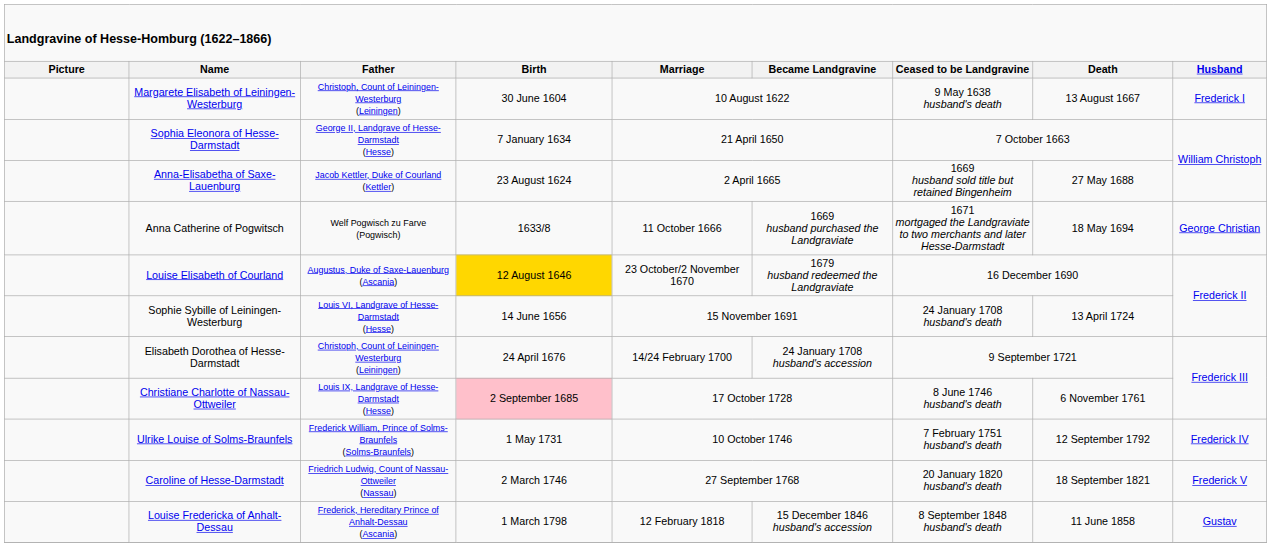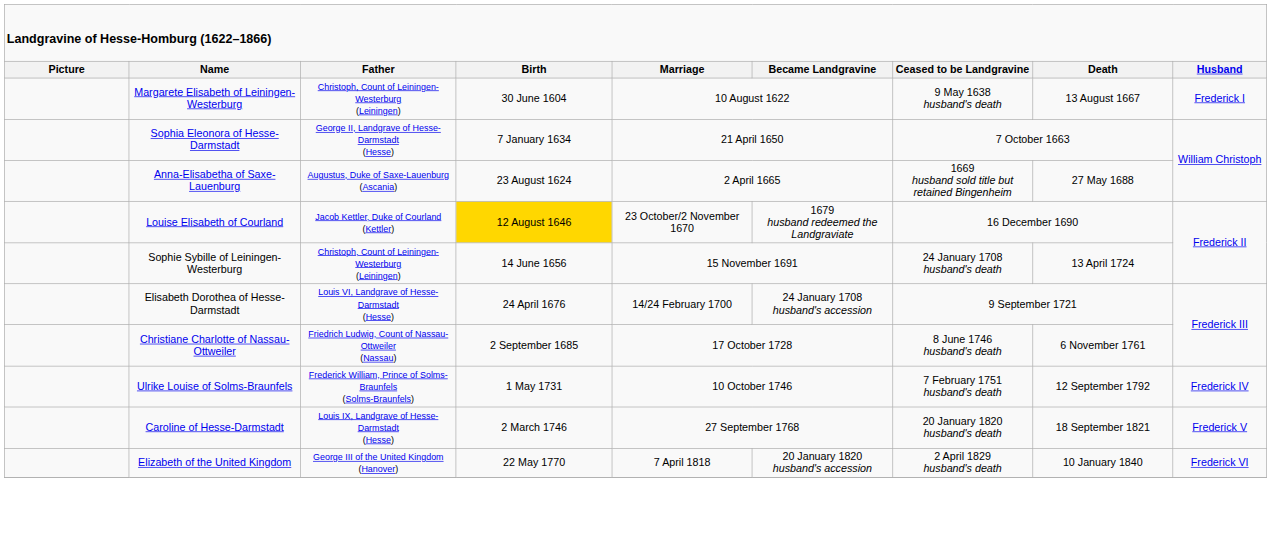 <table width=95% class="wikitable">
 <tr>
 <td colspan="9"><br><h3>Landgravine of Hesse-Homburg (1622–1866)</h3></td>
 </tr>
 <tr>
 <th width = "8%">Picture</th>
 <th width = "11%">Name</th>
 <th width = "10%">Father</th>
 <th width = "10%">Birth</th>
 <th width = "9%">Marriage</th>
 <th width = "9%">Became Landgravine</th>
 <th width = "9%">Ceased to be Landgravine</th>
 <th width = "9%">Death</th>
 <th width = "6%"><a href='#'>Husband</a></th>
 </tr>
 <tr>
 <td align="center"></td>
 <td align="center"><a href='#'>Margarete Elisabeth of Leiningen-Westerburg</a></td>
 <td align="center"><small><a href='#'>Christoph, Count of Leiningen-Westerburg</a><br>(<a href='#'>Leiningen</a>)</small></td>
 <td align="center">30 June 1604</td>
 <td align="center" colspan="2">10 August 1622</td>
 <td align="center">9 May 1638<br><em>husband's death</em></td>
 <td align="center">13 August 1667</td>
 <td align="center"><a href='#'>Frederick I</a></td>
 </tr>
 <tr>
 <td align="center"></td>
 <td align="center"><a href='#'>Sophia Eleonora of Hesse-Darmstadt</a></td>
 <td align="center"><small><a href='#'>George II, Landgrave of Hesse-Darmstadt</a><br> (<a href='#'>Hesse</a>)</small></td>
 <td align="center">7 January 1634</td>
 <td align="center" colspan="2">21 April 1650</td>
 <td align="center" colspan="2">7 October 1663</td>
 <td align="center" rowspan="2"><a href='#'>William Christoph</a></td>
 </tr>
 <tr>
 <td align="center"></td>
 <td align="center"><a href='#'>Anna-Elisabetha of Saxe-Lauenburg</a></td>
-<td align="center"><small><a href='#'>Jacob Kettler, Duke of Courland</a><br> (<a href='#'>Kettler</a>)</small></td>
+<td align="center"><small><a href='#'>Augustus, Duke of Saxe-Lauenburg</a><br> (<a href='#'>Ascania</a>)</small></td>
 <td align="center">23 August 1624</td>
 <td align="center" colspan="2">2 April 1665</td>
 <td align="center">1669<br><em>husband sold title but retained Bingenheim</em></td>
 <td align="center">27 May 1688</td>
 </tr>
 <tr>
 <td align="center"></td>
-<td align="center">Anna Catherine of Pogwitsch</td>
-<td align="center"><small>Welf Pogwisch zu Farve<br> (Pogwisch)</small></td>
-<td align="center">1633/8</td>
-<td align="center">11 October 1666</td>
-<td align="center">1669<br><em>husband purchased the Landgraviate</em></td>
-<td align="center">1671<br><em>mortgaged the Landgraviate to two merchants and later Hesse-Darmstadt</em></td>
-<td align="center">18 May 1694</td>
-<td align="center"><a href='#'>George Christian</a></td>
-</tr>
-<tr>
-<td align="center"></td>
 <td align="center"><a href='#'>Louise Elisabeth of Courland</a></td>
-<td align="center"><small><a href='#'>Augustus, Duke of Saxe-Lauenburg</a><br> (<a href='#'>Ascania</a>)</small></td>
+<td align="center"><small><a href='#'>Jacob Kettler, Duke of Courland</a><br> (<a href='#'>Kettler</a>)</small></td>
 <td align="center" style="background: gold;">12 August 1646</td>
 <td align="center">23 October/2 November 1670</td>
 <td align="center">1679<br><em>husband redeemed the Landgraviate</em></td>
 <td align="center" colspan="2">16 December 1690</td>
 <td align="center" rowspan="2"><a href='#'>Frederick II</a></td>
 </tr>
 <tr>
 <td align="center"></td>
 <td align="center">Sophie Sybille of Leiningen-Westerburg</td>
-<td align="center"><small><a href='#'>Louis VI, Landgrave of Hesse-Darmstadt</a><br> (<a href='#'>Hesse</a>)</small></td>
+<td align="center"><small><a href='#'>Christoph, Count of Leiningen-Westerburg</a><br>(<a href='#'>Leiningen</a>)</small></td>
 <td align="center">14 June 1656</td>
 <td align="center" colspan="2">15 November 1691</td>
 <td align="center">24 January 1708<br><em>husband's death</em></td>
 <td align="center">13 April 1724</td>
 </tr>
 <tr>
 <td align="center"></td>
 <td align="center">Elisabeth Dorothea of Hesse-Darmstadt</td>
-<td align="center"><small><a href='#'>Christoph, Count of Leiningen-Westerburg</a><br>(<a href='#'>Leiningen</a>)</small></td>
+<td align="center"><small><a href='#'>Louis VI, Landgrave of Hesse-Darmstadt</a><br> (<a href='#'>Hesse</a>)</small></td>
 <td align="center">24 April 1676</td>
 <td align="center">14/24 February 1700</td>
 <td align="center">24 January 1708<br><em>husband's accession</em></td>
 <td align="center" colspan="2">9 September 1721</td>
 <td align="center" rowspan="2"><a href='#'>Frederick III</a></td>
 </tr>
 <tr>
 <td align="center"></td>
 <td align="center"><a href='#'>Christiane Charlotte of Nassau-Ottweiler</a></td>
-<td align="center"><small><a href='#'>Louis IX, Landgrave of Hesse-Darmstadt</a><br> (<a href='#'>Hesse</a>)</small></td>
-<td align="center" style="background: pink;">2 September 1685</td>
+<td align="center"><small><a href='#'>Friedrich Ludwig, Count of Nassau-Ottweiler</a><br>(<a href='#'>Nassau</a>)</small></td>
+<td align="center">2 September 1685</td>
 <td align="center" colspan="2">17 October 1728</td>
 <td align="center">8 June 1746<br><em>husband's death</em></td>
 <td align="center">6 November 1761</td>
 </tr>
 <tr>
 <td align="center"></td>
 <td align="center"><a href='#'>Ulrike Louise of Solms-Braunfels</a></td>
 <td align="center"><small><a href='#'>Frederick William, Prince of Solms-Braunfels</a><br>(<a href='#'>Solms-Braunfels</a>)</small></td>
 <td align="center">1 May 1731</td>
 <td align="center" colspan="2">10 October 1746</td>
 <td align="center">7 February 1751<br><em>husband's death</em></td>
 <td align="center">12 September 1792</td>
 <td align="center"><a href='#'>Frederick IV</a></td>
 </tr>
 <tr>
 <td align="center"></td>
 <td align="center"><a href='#'>Caroline of Hesse-Darmstadt</a></td>
-<td align="center"><small><a href='#'>Friedrich Ludwig, Count of Nassau-Ottweiler</a><br>(<a href='#'>Nassau</a>)</small></td>
+<td align="center"><small><a href='#'>Louis IX, Landgrave of Hesse-Darmstadt</a><br> (<a href='#'>Hesse</a>)</small></td>
 <td align="center">2 March 1746</td>
 <td align="center" colspan="2">27 September 1768</td>
 <td align="center">20 January 1820<br><em>husband's death</em></td>
 <td align="center">18 September 1821</td>
 <td align="center"><a href='#'>Frederick V</a></td>
 </tr>
 <tr>
 <td align="center"></td>
-<td align="center"><a href='#'>Louise Fredericka of Anhalt-Dessau</a></td>
-<td align="center"><small><a href='#'>Frederick, Hereditary Prince of Anhalt-Dessau</a><br>(<a href='#'>Ascania</a>)</small></td>
-<td align="center">1 March 1798</td>
-<td align="center">12 February 1818</td>
-<td align="center">15 December 1846<br><em>husband's accession</em></td>
-<td align="center">8 September 1848<br><em>husband's death</em></td>
-<td align="center">11 June 1858</td>
-<td align="center"><a href='#'>Gustav</a></td>
+<td align="center"><a href='#'>Elizabeth of the United Kingdom</a></td>
+<td align="center"><small><a href='#'>George III of the United Kingdom</a><br>(<a href='#'>Hanover</a>)</small></td>
+<td align="center">22 May 1770</td>
+<td align="center">7 April 1818</td>
+<td align="center">20 January 1820<br><em>husband's accession</em></td>
+<td align="center">2 April 1829<br><em>husband's death</em></td>
+<td align="center">10 January 1840</td>
+<td align="center"><a href='#'>Frederick VI</a></td>
 </tr>
 <tr>
 </tr>
 </table>
